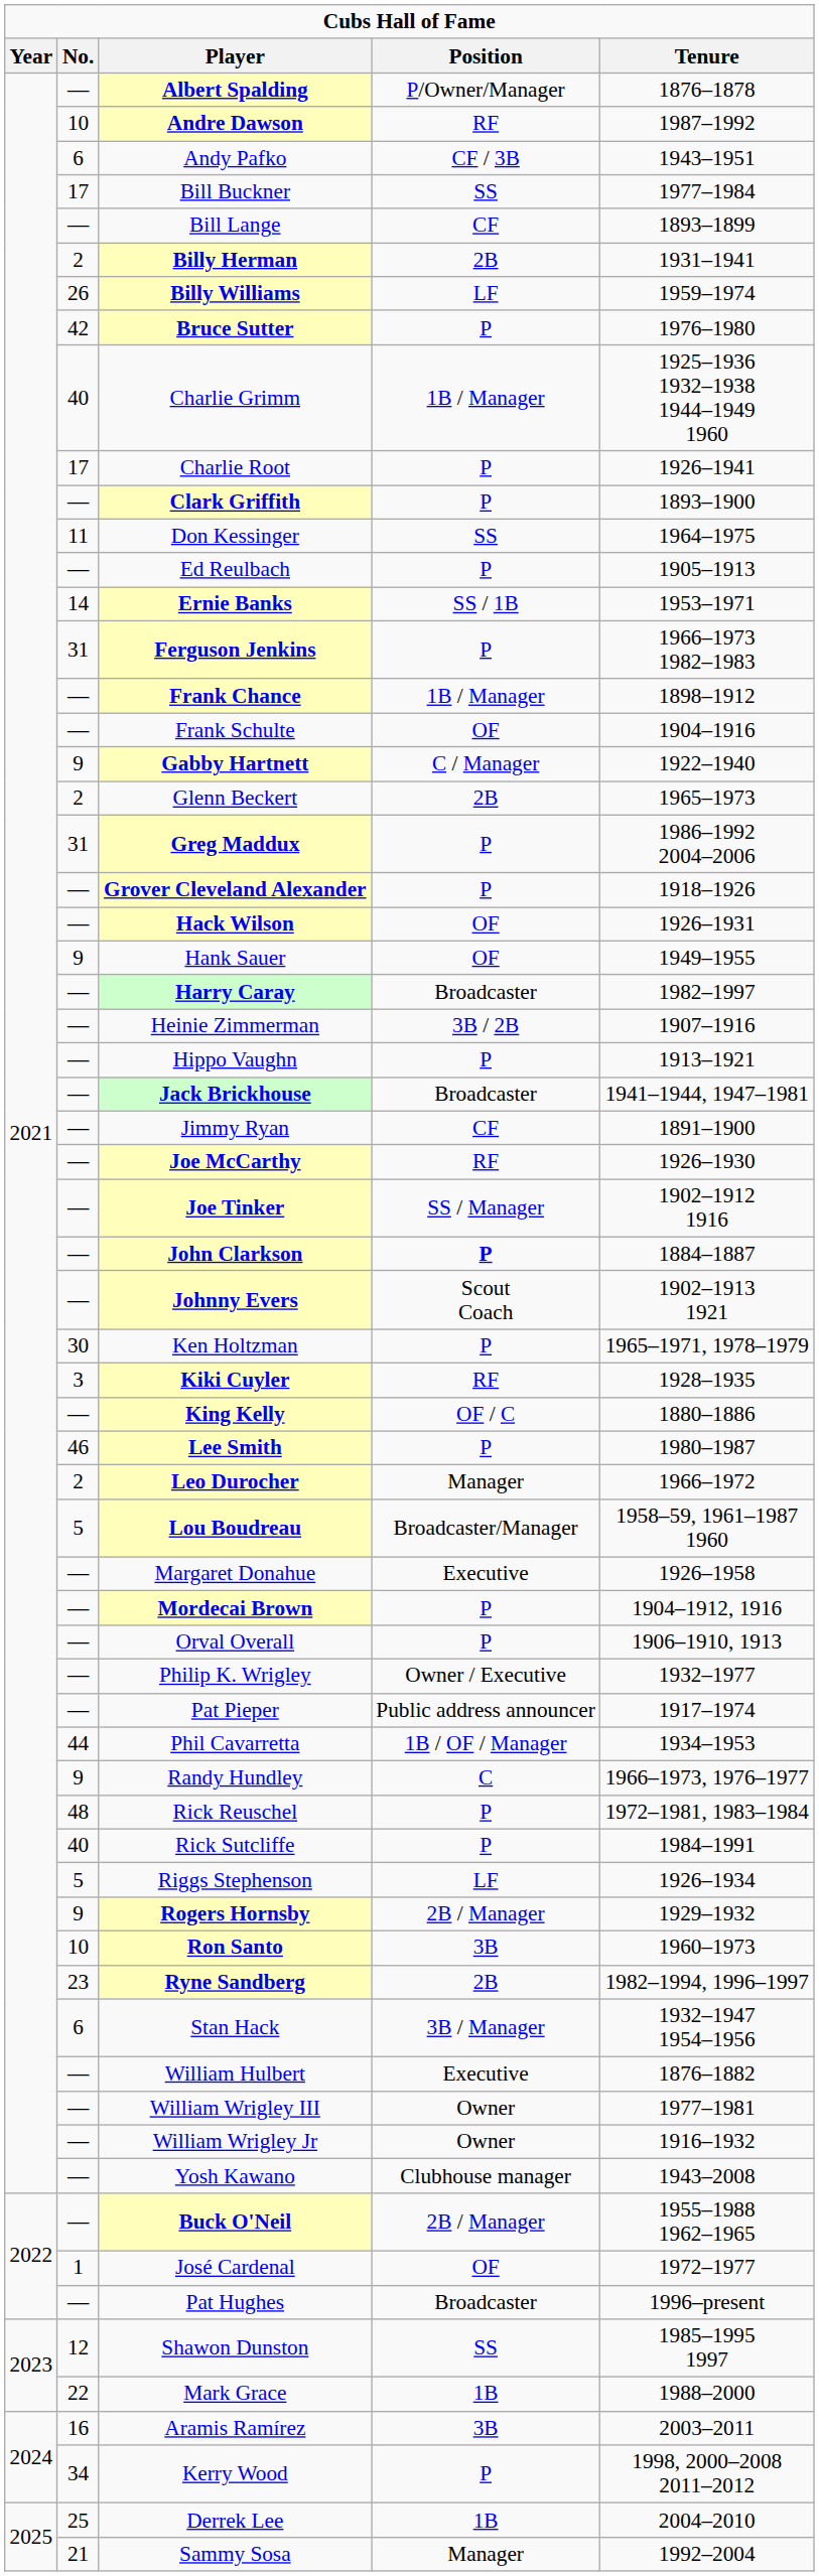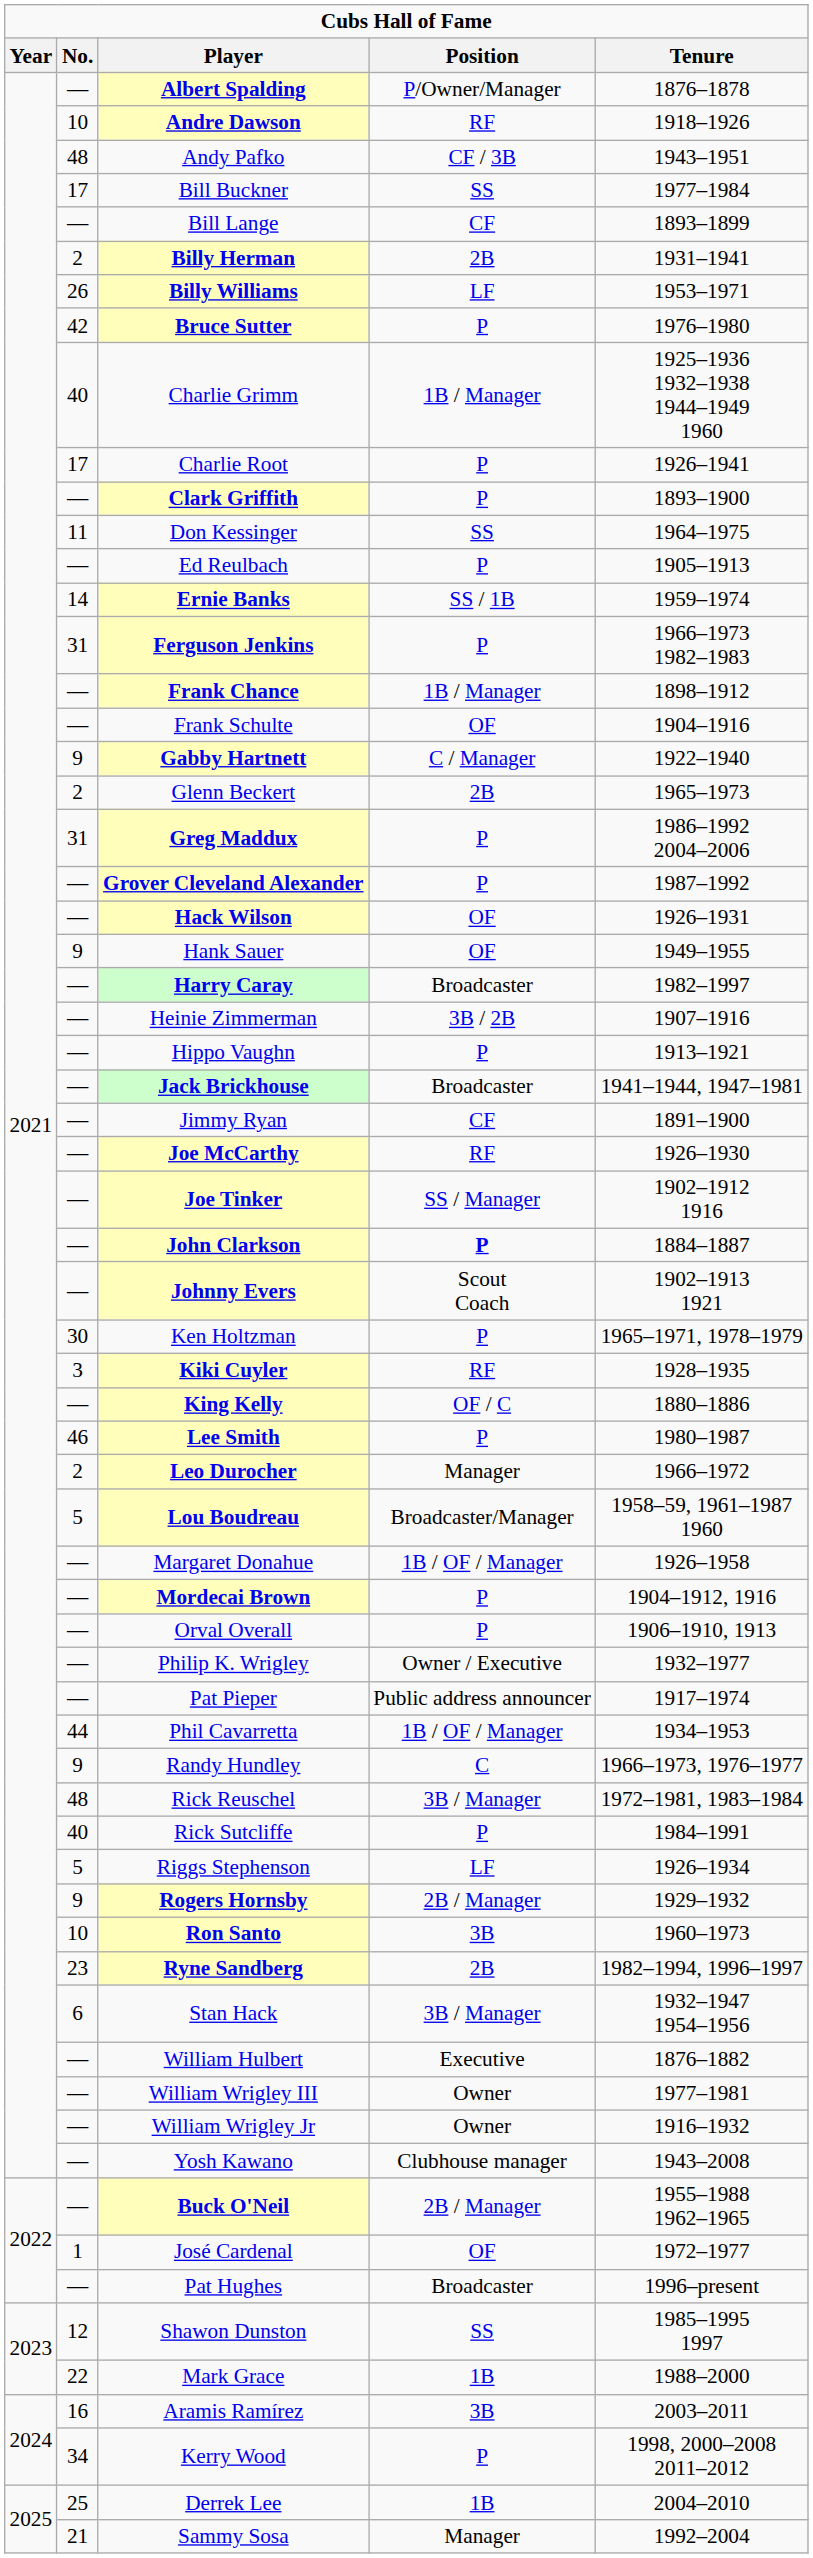 <table class="wikitable" style="text-align:center">
 <tr>
 <td colspan="5"><strong>Cubs Hall of Fame</strong></td>
 </tr>
 <tr>
 <th>Year</th>
 <th>No.</th>
 <th>Player</th>
 <th>Position</th>
 <th>Tenure</th>
 </tr>
 <tr>
 <td rowspan=56>2021</td>
 <td>—</td>
 <td style="background:#ffb;"><strong><a href='#'>Albert Spalding</a></strong></td>
 <td><a href='#'>P</a>/Owner/Manager</td>
 <td>1876–1878</td>
 </tr>
 <tr>
 <td>10</td>
 <td style="background:#ffb;"><strong><a href='#'>Andre Dawson</a></strong></td>
 <td><a href='#'>RF</a></td>
-<td>1987–1992</td>
+<td>1918–1926</td>
 </tr>
 <tr>
-<td>6</td>
+<td>48</td>
 <td><a href='#'>Andy Pafko</a></td>
 <td><a href='#'>CF</a> / <a href='#'>3B</a></td>
 <td>1943–1951</td>
 </tr>
 <tr>
 <td>17</td>
 <td><a href='#'>Bill Buckner</a></td>
 <td><a href='#'>SS</a></td>
 <td>1977–1984</td>
 </tr>
 <tr>
 <td>—</td>
 <td><a href='#'>Bill Lange</a></td>
 <td><a href='#'>CF</a></td>
 <td>1893–1899</td>
 </tr>
 <tr>
 <td>2</td>
 <td style="background:#ffb;"><strong><a href='#'>Billy Herman</a></strong></td>
 <td><a href='#'>2B</a></td>
 <td>1931–1941</td>
 </tr>
 <tr>
 <td>26</td>
 <td style="background:#ffb;"><strong><a href='#'>Billy Williams</a></strong></td>
 <td><a href='#'>LF</a></td>
-<td>1959–1974</td>
+<td>1953–1971</td>
 </tr>
 <tr>
 <td>42</td>
 <td style="background:#ffb;"><strong><a href='#'>Bruce Sutter</a></strong></td>
 <td><a href='#'>P</a></td>
 <td>1976–1980</td>
 </tr>
 <tr>
 <td>40</td>
 <td><a href='#'>Charlie Grimm</a></td>
 <td><a href='#'>1B</a> / <a href='#'>Manager</a></td>
 <td>1925–1936<br>1932–1938<br>1944–1949<br>1960</td>
 </tr>
 <tr>
 <td>17</td>
 <td><a href='#'>Charlie Root</a></td>
 <td><a href='#'>P</a></td>
 <td>1926–1941</td>
 </tr>
 <tr>
 <td>—</td>
 <td style="background:#ffb;"><strong><a href='#'>Clark Griffith</a></strong></td>
 <td><a href='#'>P</a></td>
 <td>1893–1900</td>
 </tr>
 <tr>
 <td>11</td>
 <td><a href='#'>Don Kessinger</a></td>
 <td><a href='#'>SS</a></td>
 <td>1964–1975</td>
 </tr>
 <tr>
 <td>—</td>
 <td><a href='#'>Ed Reulbach</a></td>
 <td><a href='#'>P</a></td>
 <td>1905–1913</td>
 </tr>
 <tr>
 <td>14</td>
 <td style="background:#ffb;"><strong><a href='#'>Ernie Banks</a></strong></td>
 <td><a href='#'>SS</a> / <a href='#'>1B</a></td>
-<td>1953–1971</td>
+<td>1959–1974</td>
 </tr>
 <tr>
 <td>31</td>
 <td style="background:#ffb;"><strong><a href='#'>Ferguson Jenkins</a></strong></td>
 <td><a href='#'>P</a></td>
 <td>1966–1973<br>1982–1983</td>
 </tr>
 <tr>
 <td>—</td>
 <td style="background:#ffb;"><strong><a href='#'>Frank Chance</a></strong></td>
 <td><a href='#'>1B</a> / <a href='#'>Manager</a></td>
 <td>1898–1912</td>
 </tr>
 <tr>
 <td>—</td>
 <td><a href='#'>Frank Schulte</a></td>
 <td><a href='#'>OF</a></td>
 <td>1904–1916</td>
 </tr>
 <tr>
 <td>9</td>
 <td style="background:#ffb;"><strong><a href='#'>Gabby Hartnett</a></strong></td>
 <td><a href='#'>C</a> / <a href='#'>Manager</a></td>
 <td>1922–1940</td>
 </tr>
 <tr>
 <td>2</td>
 <td><a href='#'>Glenn Beckert</a></td>
 <td><a href='#'>2B</a></td>
 <td>1965–1973</td>
 </tr>
 <tr>
 <td>31</td>
 <td style="background:#ffb;"><strong><a href='#'>Greg Maddux</a></strong></td>
 <td><a href='#'>P</a></td>
 <td>1986–1992<br>2004–2006</td>
 </tr>
 <tr>
 <td>—</td>
 <td style="background:#ffb;"><strong><a href='#'>Grover Cleveland Alexander</a></strong></td>
 <td><a href='#'>P</a></td>
-<td>1918–1926</td>
+<td>1987–1992</td>
 </tr>
 <tr>
 <td>—</td>
 <td style="background:#ffb;"><strong><a href='#'>Hack Wilson</a></strong></td>
 <td><a href='#'>OF</a></td>
 <td>1926–1931</td>
 </tr>
 <tr>
 <td>9</td>
 <td><a href='#'>Hank Sauer</a></td>
 <td><a href='#'>OF</a></td>
 <td>1949–1955</td>
 </tr>
 <tr>
 <td>—</td>
 <td style="background:#cfc;"><strong><a href='#'>Harry Caray</a></strong></td>
 <td>Broadcaster</td>
 <td>1982–1997</td>
 </tr>
 <tr>
 <td>—</td>
 <td><a href='#'>Heinie Zimmerman</a></td>
 <td><a href='#'>3B</a> / <a href='#'>2B</a></td>
 <td>1907–1916</td>
 </tr>
 <tr>
 <td>—</td>
 <td><a href='#'>Hippo Vaughn</a></td>
 <td><a href='#'>P</a></td>
 <td>1913–1921</td>
 </tr>
 <tr>
 <td>—</td>
 <td style="background:#cfc;"><strong><a href='#'>Jack Brickhouse</a></strong></td>
 <td>Broadcaster</td>
 <td>1941–1944, 1947–1981</td>
 </tr>
 <tr>
 <td>—</td>
 <td><a href='#'>Jimmy Ryan</a></td>
 <td><a href='#'>CF</a></td>
 <td>1891–1900</td>
 </tr>
 <tr>
 <td>—</td>
 <td style="background:#ffb;"><strong><a href='#'>Joe McCarthy</a></strong></td>
 <td><a href='#'>RF</a></td>
 <td>1926–1930</td>
 </tr>
 <tr>
 <td>—</td>
 <td style="background:#ffb;"><strong><a href='#'>Joe Tinker</a></strong></td>
 <td><a href='#'>SS</a> / <a href='#'>Manager</a></td>
 <td>1902–1912<br>1916</td>
 </tr>
 <tr>
 <td>—</td>
 <td style="background:#ffb;"><strong><a href='#'>John Clarkson</a></strong></td>
 <td><strong><a href='#'>P</a></strong></td>
 <td>1884–1887</td>
 </tr>
 <tr>
 <td>—</td>
 <td style="background:#ffb;"><strong><a href='#'>Johnny Evers</a></strong></td>
 <td>Scout<br>Coach</td>
 <td>1902–1913<br>1921</td>
 </tr>
 <tr>
 <td>30</td>
 <td><a href='#'>Ken Holtzman</a></td>
 <td><a href='#'>P</a></td>
 <td>1965–1971, 1978–1979</td>
 </tr>
 <tr>
 <td>3</td>
 <td style="background:#ffb;"><strong><a href='#'>Kiki Cuyler</a></strong></td>
 <td><a href='#'>RF</a></td>
 <td>1928–1935</td>
 </tr>
 <tr>
 <td>—</td>
 <td style="background:#ffb;"><strong><a href='#'>King Kelly</a></strong></td>
 <td><a href='#'>OF</a> / <a href='#'>C</a></td>
 <td>1880–1886</td>
 </tr>
 <tr>
 <td>46</td>
 <td style="background:#ffb;"><strong><a href='#'>Lee Smith</a></strong></td>
 <td><a href='#'>P</a></td>
 <td>1980–1987</td>
 </tr>
 <tr>
 <td>2</td>
 <td style="background:#ffb;"><strong><a href='#'>Leo Durocher</a></strong></td>
 <td>Manager</td>
 <td>1966–1972</td>
 </tr>
 <tr>
 <td>5</td>
 <td style="background:#ffb;"><strong><a href='#'>Lou Boudreau</a></strong></td>
 <td>Broadcaster/Manager</td>
 <td>1958–59, 1961–1987<br>1960</td>
 </tr>
 <tr>
 <td>—</td>
 <td><a href='#'>Margaret Donahue</a></td>
-<td>Executive</td>
+<td><a href='#'>1B</a> / <a href='#'>OF</a> / <a href='#'>Manager</a></td>
 <td>1926–1958</td>
 </tr>
 <tr>
 <td>—</td>
 <td style="background:#ffb;"><strong><a href='#'>Mordecai Brown</a></strong></td>
 <td><a href='#'>P</a></td>
 <td>1904–1912, 1916</td>
 </tr>
 <tr>
 <td>—</td>
 <td><a href='#'>Orval Overall</a></td>
 <td><a href='#'>P</a></td>
 <td>1906–1910, 1913</td>
 </tr>
 <tr>
 <td>—</td>
 <td><a href='#'>Philip K. Wrigley</a></td>
 <td>Owner / Executive</td>
 <td>1932–1977</td>
 </tr>
 <tr>
 <td>—</td>
 <td><a href='#'>Pat Pieper</a></td>
 <td>Public address announcer</td>
 <td>1917–1974</td>
 </tr>
 <tr>
 <td>44</td>
 <td><a href='#'>Phil Cavarretta</a></td>
 <td><a href='#'>1B</a> / <a href='#'>OF</a> / <a href='#'>Manager</a></td>
 <td>1934–1953</td>
 </tr>
 <tr>
 <td>9</td>
 <td><a href='#'>Randy Hundley</a></td>
 <td><a href='#'>C</a></td>
 <td>1966–1973, 1976–1977</td>
 </tr>
 <tr>
 <td>48</td>
 <td><a href='#'>Rick Reuschel</a></td>
-<td><a href='#'>P</a></td>
+<td><a href='#'>3B</a> / <a href='#'>Manager</a></td>
 <td>1972–1981, 1983–1984</td>
 </tr>
 <tr>
 <td>40</td>
 <td><a href='#'>Rick Sutcliffe</a></td>
 <td><a href='#'>P</a></td>
 <td>1984–1991</td>
 </tr>
 <tr>
 <td>5</td>
 <td><a href='#'>Riggs Stephenson</a></td>
 <td><a href='#'>LF</a></td>
 <td>1926–1934</td>
 </tr>
 <tr>
 <td>9</td>
 <td style="background:#ffb;"><strong><a href='#'>Rogers Hornsby</a></strong></td>
 <td><a href='#'>2B</a> / <a href='#'>Manager</a></td>
 <td>1929–1932</td>
 </tr>
 <tr>
 <td>10</td>
 <td style="background:#ffb;"><strong><a href='#'>Ron Santo</a></strong></td>
 <td><a href='#'>3B</a></td>
 <td>1960–1973</td>
 </tr>
 <tr>
 <td>23</td>
 <td style="background:#ffb;"><strong><a href='#'>Ryne Sandberg</a></strong></td>
 <td><a href='#'>2B</a></td>
 <td>1982–1994, 1996–1997</td>
 </tr>
 <tr>
 <td>6</td>
 <td><a href='#'>Stan Hack</a></td>
 <td><a href='#'>3B</a> / <a href='#'>Manager</a></td>
 <td>1932–1947<br>1954–1956</td>
 </tr>
 <tr>
 <td>—</td>
 <td><a href='#'>William Hulbert</a></td>
 <td>Executive</td>
 <td>1876–1882</td>
 </tr>
 <tr>
 <td>—</td>
 <td><a href='#'>William Wrigley III</a></td>
 <td>Owner</td>
 <td>1977–1981</td>
 </tr>
 <tr>
 <td>—</td>
 <td><a href='#'>William Wrigley Jr</a></td>
 <td>Owner</td>
 <td>1916–1932</td>
 </tr>
 <tr>
 <td>—</td>
 <td><a href='#'>Yosh Kawano</a></td>
 <td>Clubhouse manager</td>
 <td>1943–2008</td>
 </tr>
 <tr>
 <td rowspan=3>2022</td>
 <td>—</td>
 <td style="background:#ffb;"><strong><a href='#'>Buck O'Neil</a></strong></td>
 <td><a href='#'>2B</a> / <a href='#'>Manager</a></td>
 <td>1955–1988<br>1962–1965</td>
 </tr>
 <tr>
 <td>1</td>
 <td><a href='#'>José Cardenal</a></td>
 <td><a href='#'>OF</a></td>
 <td>1972–1977</td>
 </tr>
 <tr>
 <td>—</td>
 <td><a href='#'>Pat Hughes</a></td>
 <td>Broadcaster</td>
 <td>1996–present</td>
 </tr>
 <tr>
 <td rowspan=2>2023</td>
 <td>12</td>
 <td><a href='#'>Shawon Dunston</a></td>
 <td><a href='#'>SS</a></td>
 <td>1985–1995<br>1997</td>
 </tr>
 <tr>
 <td>22</td>
 <td><a href='#'>Mark Grace</a></td>
 <td><a href='#'>1B</a></td>
 <td>1988–2000</td>
 </tr>
 <tr>
 <td rowspan=2>2024</td>
 <td>16</td>
 <td><a href='#'>Aramis Ramírez</a></td>
 <td><a href='#'>3B</a></td>
 <td>2003–2011</td>
 </tr>
 <tr>
 <td>34</td>
 <td><a href='#'>Kerry Wood</a></td>
 <td><a href='#'>P</a></td>
 <td>1998, 2000–2008<br>2011–2012</td>
 </tr>
 <tr>
 <td rowspan=2>2025</td>
 <td>25</td>
 <td><a href='#'>Derrek Lee</a></td>
 <td><a href='#'>1B</a></td>
 <td>2004–2010</td>
 </tr>
 <tr>
 <td>21</td>
 <td><a href='#'>Sammy Sosa</a></td>
 <td>Manager</td>
 <td>1992–2004</td>
 </tr>
 </table>
